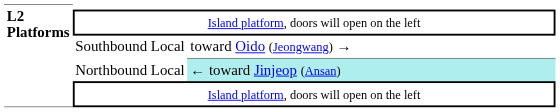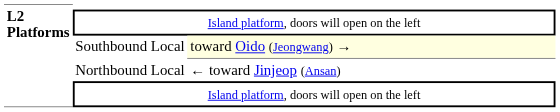 <table table border=0 cellspacing=0 cellpadding=3>
 <tr>
 <td style="border-top:solid 1px gray;border-bottom:solid 1px gray;" width=50 rowspan=10 valign=top><strong>L2<br>Platforms</strong></td>
 <td></td>
 </tr>
 <tr>
 <td style="border-top:solid 2px black;border-right:solid 2px black;border-left:solid 2px black;border-bottom:solid 2px black;text-align:center;" colspan=2><small><a href='#'>Island platform</a>, doors will open on the left</small></td>
 </tr>
 <tr>
 <td>Southbound Local</td>
-<td>  toward <a href='#'>Oido</a> <small>(<a href='#'>Jeongwang</a>)</small> →</td>
+<td style="background: lightyellow;">  toward <a href='#'>Oido</a> <small>(<a href='#'>Jeongwang</a>)</small> →</td>
 </tr>
 <tr>
 <td>Northbound Local</td>
-<td style="background: paleturquoise; border-bottom:solid 0px gray;border-top:solid 1px gray;" width=390>←  toward <a href='#'>Jinjeop</a> <small>(<a href='#'>Ansan</a>)</small></td>
+<td style="border-bottom:solid 0px gray;border-top:solid 1px gray;" width=390>←  toward <a href='#'>Jinjeop</a> <small>(<a href='#'>Ansan</a>)</small></td>
 </tr>
 <tr>
 <td style="border-top:solid 2px black;border-right:solid 2px black;border-left:solid 2px black;border-bottom:solid 2px black;text-align:center;" colspan=2><small><a href='#'>Island platform</a>, doors will open on the left</small></td>
 </tr>
 </table>
